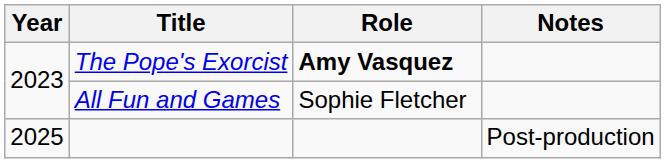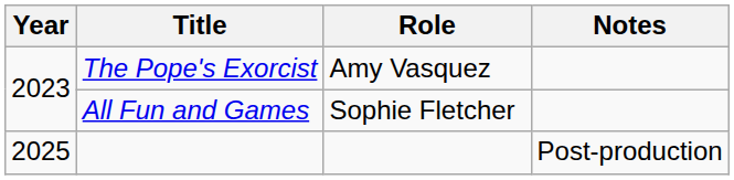 <table class="wikitable sortable">
 <tr>
 <th>Year</th>
 <th>Title</th>
 <th width=118>Role</th>
 <th>Notes</th>
 </tr>
 <tr>
 <td rowspan=2>2023</td>
 <td><em><a href='#'>The Pope's Exorcist</a></em></td>
-<td><strong>Amy Vasquez</strong></td>
+<td>Amy Vasquez</td>
 <td></td>
 </tr>
 <tr>
 <td><em><a href='#'>All Fun and Games</a></em></td>
 <td>Sophie Fletcher</td>
 <td></td>
 </tr>
 <tr>
 <td>2025</td>
 <td></td>
 <td></td>
 <td>Post-production</td>
 </tr>
 </table>
